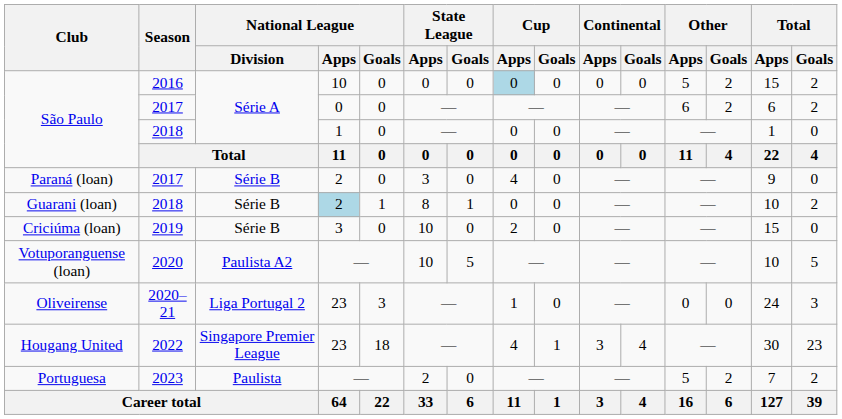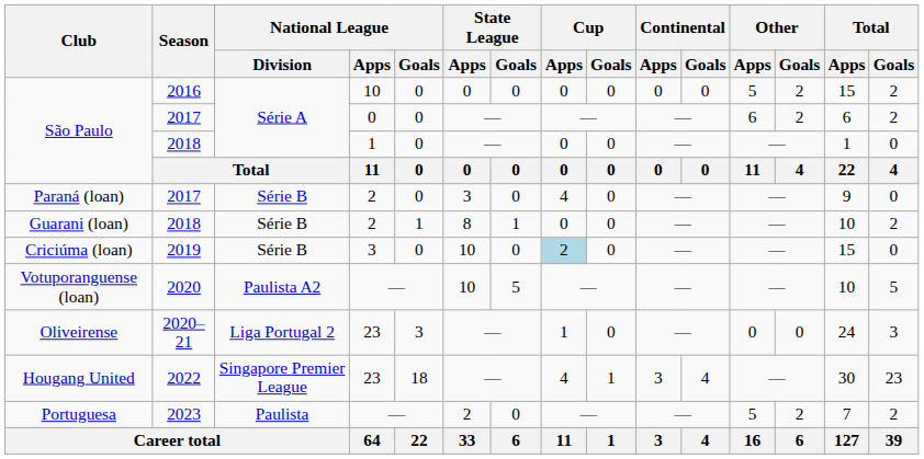 <table class="wikitable" style="text-align: center;">
 <tr>
 <th rowspan="2">Club</th>
 <th rowspan="2">Season</th>
 <th colspan="3">National League</th>
 <th colspan="2">State League</th>
 <th colspan="2">Cup</th>
 <th colspan="2">Continental</th>
 <th colspan="2">Other</th>
 <th colspan="2">Total</th>
 </tr>
 <tr>
 <th>Division</th>
 <th>Apps</th>
 <th>Goals</th>
 <th>Apps</th>
 <th>Goals</th>
 <th>Apps</th>
 <th>Goals</th>
 <th>Apps</th>
 <th>Goals</th>
 <th>Apps</th>
 <th>Goals</th>
 <th>Apps</th>
 <th>Goals</th>
 </tr>
 <tr>
 <td rowspan="4"><a href='#'>São Paulo</a></td>
 <td><a href='#'>2016</a></td>
 <td rowspan="3"><a href='#'>Série A</a></td>
 <td>10</td>
 <td>0</td>
 <td>0</td>
 <td>0</td>
-<td style="background: lightblue;">0</td>
+<td>0</td>
 <td>0</td>
 <td>0</td>
 <td>0</td>
 <td>5</td>
 <td>2</td>
 <td>15</td>
 <td>2</td>
 </tr>
 <tr>
 <td><a href='#'>2017</a></td>
 <td>0</td>
 <td>0</td>
 <td colspan="2">—</td>
 <td colspan="2">—</td>
 <td colspan="2">—</td>
 <td>6</td>
 <td>2</td>
 <td>6</td>
 <td>2</td>
 </tr>
 <tr>
 <td><a href='#'>2018</a></td>
 <td>1</td>
 <td>0</td>
 <td colspan="2">—</td>
 <td>0</td>
 <td>0</td>
 <td colspan="2">—</td>
 <td colspan="2">—</td>
 <td>1</td>
 <td>0</td>
 </tr>
 <tr>
 <th colspan="2">Total</th>
 <th>11</th>
 <th>0</th>
 <th>0</th>
 <th>0</th>
 <th>0</th>
 <th>0</th>
 <th>0</th>
 <th>0</th>
 <th>11</th>
 <th>4</th>
 <th>22</th>
 <th>4</th>
 </tr>
 <tr>
 <td><a href='#'>Paraná</a> (loan)</td>
 <td><a href='#'>2017</a></td>
 <td><a href='#'>Série B</a></td>
 <td>2</td>
 <td>0</td>
 <td>3</td>
 <td>0</td>
 <td>4</td>
 <td>0</td>
 <td colspan="2">—</td>
 <td colspan="2">—</td>
 <td>9</td>
 <td>0</td>
 </tr>
 <tr>
 <td><a href='#'>Guarani</a> (loan)</td>
 <td><a href='#'>2018</a></td>
 <td>Série B</td>
-<td style="background: lightblue;">2</td>
+<td>2</td>
 <td>1</td>
 <td>8</td>
 <td>1</td>
 <td>0</td>
 <td>0</td>
 <td colspan="2">—</td>
 <td colspan="2">—</td>
 <td>10</td>
 <td>2</td>
 </tr>
 <tr>
 <td><a href='#'>Criciúma</a> (loan)</td>
 <td><a href='#'>2019</a></td>
 <td>Série B</td>
 <td>3</td>
 <td>0</td>
 <td>10</td>
 <td>0</td>
-<td>2</td>
+<td style="background: lightblue;">2</td>
 <td>0</td>
 <td colspan="2">—</td>
 <td colspan="2">—</td>
 <td>15</td>
 <td>0</td>
 </tr>
 <tr>
 <td><a href='#'>Votuporanguense</a> (loan)</td>
 <td><a href='#'>2020</a></td>
 <td><a href='#'>Paulista A2</a></td>
 <td colspan="2">—</td>
 <td>10</td>
 <td>5</td>
 <td colspan="2">—</td>
 <td colspan="2">—</td>
 <td colspan="2">—</td>
 <td>10</td>
 <td>5</td>
 </tr>
 <tr>
 <td><a href='#'>Oliveirense</a></td>
 <td><a href='#'>2020–21</a></td>
 <td><a href='#'>Liga Portugal 2</a></td>
 <td>23</td>
 <td>3</td>
 <td colspan="2">—</td>
 <td>1</td>
 <td>0</td>
 <td colspan="2">—</td>
 <td>0</td>
 <td>0</td>
 <td>24</td>
 <td>3</td>
 </tr>
 <tr>
 <td><a href='#'>Hougang United</a></td>
 <td><a href='#'>2022</a></td>
 <td><a href='#'>Singapore Premier League</a></td>
 <td>23</td>
 <td>18</td>
 <td colspan="2">—</td>
 <td>4</td>
 <td>1</td>
 <td>3</td>
 <td>4</td>
 <td colspan="2">—</td>
 <td>30</td>
 <td>23</td>
 </tr>
 <tr>
 <td><a href='#'>Portuguesa</a></td>
 <td><a href='#'>2023</a></td>
 <td><a href='#'>Paulista</a></td>
 <td colspan="2">—</td>
 <td>2</td>
 <td>0</td>
 <td colspan="2">—</td>
 <td colspan="2">—</td>
 <td>5</td>
 <td>2</td>
 <td>7</td>
 <td>2</td>
 </tr>
 <tr>
 <th colspan="3">Career total</th>
 <th>64</th>
 <th>22</th>
 <th>33</th>
 <th>6</th>
 <th>11</th>
 <th>1</th>
 <th>3</th>
 <th>4</th>
 <th>16</th>
 <th>6</th>
 <th>127</th>
 <th>39</th>
 </tr>
 </table>
